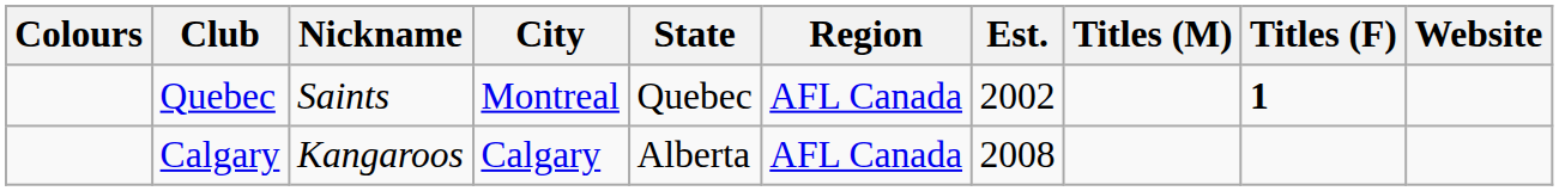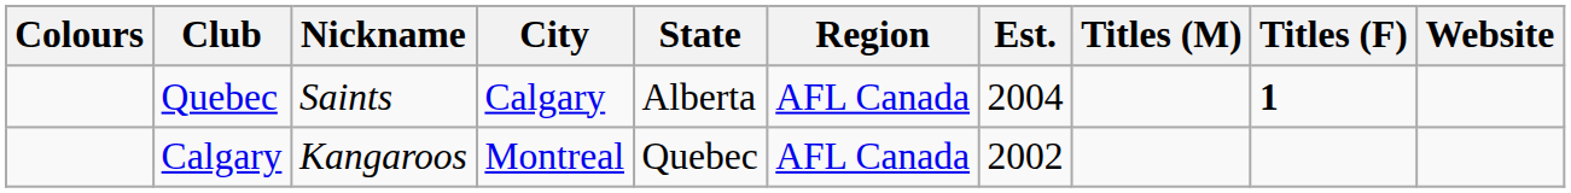 <table class="wikitable">
 <tr>
 <th>Colours</th>
 <th>Club</th>
 <th>Nickname</th>
 <th>City</th>
 <th>State</th>
 <th>Region</th>
 <th>Est.</th>
 <th>Titles (M)</th>
 <th>Titles (F)</th>
 <th>Website</th>
 </tr>
 <tr>
 <td></td>
 <td><a href='#'>Quebec</a></td>
 <td><em>Saints</em></td>
-<td><a href='#'>Montreal</a></td>
-<td>Quebec</td>
+<td><a href='#'>Calgary</a></td>
+<td>Alberta</td>
 <td><a href='#'>AFL Canada</a></td>
-<td>2002</td>
+<td>2004</td>
 <td></td>
 <td><strong>1</strong></td>
 <td></td>
 </tr>
 <tr>
 <td></td>
 <td><a href='#'>Calgary</a></td>
 <td><em>Kangaroos</em></td>
-<td><a href='#'>Calgary</a></td>
-<td>Alberta</td>
+<td><a href='#'>Montreal</a></td>
+<td>Quebec</td>
 <td><a href='#'>AFL Canada</a></td>
-<td>2008</td>
+<td>2002</td>
 <td></td>
 <td></td>
 <td></td>
 </tr>
 </table>
